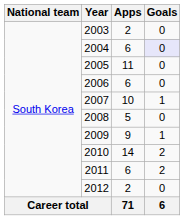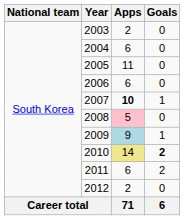 <table class="wikitable" style="text-align:center">
 <tr>
 <th>National team</th>
 <th>Year</th>
 <th>Apps</th>
 <th>Goals</th>
 </tr>
 <tr>
 <td rowspan=10><a href='#'>South Korea</a></td>
 <td>2003</td>
 <td>2</td>
 <td>0</td>
 </tr>
 <tr>
 <td>2004</td>
 <td>6</td>
-<td style="background: lavender;">0</td>
+<td>0</td>
 </tr>
 <tr>
 <td>2005</td>
 <td>11</td>
 <td>0</td>
 </tr>
 <tr>
 <td>2006</td>
 <td>6</td>
 <td>0</td>
 </tr>
 <tr>
 <td>2007</td>
-<td>10</td>
+<td><strong>10</strong></td>
 <td>1</td>
 </tr>
 <tr>
 <td>2008</td>
-<td>5</td>
+<td style="background: pink;">5</td>
 <td>0</td>
 </tr>
 <tr>
 <td>2009</td>
-<td>9</td>
+<td style="background: lightblue;">9</td>
 <td>1</td>
 </tr>
 <tr>
 <td>2010</td>
-<td>14</td>
-<td>2</td>
+<td style="background: khaki;">14</td>
+<td><strong>2</strong></td>
 </tr>
 <tr>
 <td>2011</td>
 <td>6</td>
 <td>2</td>
 </tr>
 <tr>
 <td>2012</td>
 <td>2</td>
 <td>0</td>
 </tr>
 <tr>
 <th colspan="2">Career total</th>
 <th>71</th>
 <th>6</th>
 </tr>
 </table>
